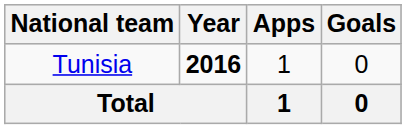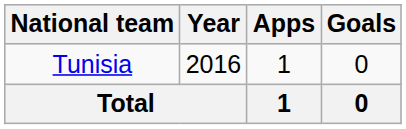 <table class="wikitable" style="text-align:center">
 <tr>
 <th>National team</th>
 <th>Year</th>
 <th>Apps</th>
 <th>Goals</th>
 </tr>
 <tr>
 <td><a href='#'>Tunisia</a></td>
-<td><strong>2016</strong></td>
+<td>2016</td>
 <td>1</td>
 <td>0</td>
 </tr>
 <tr>
 <th colspan="2">Total</th>
 <th>1</th>
 <th>0</th>
 </tr>
 </table>
